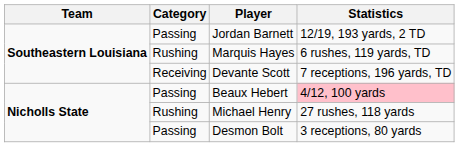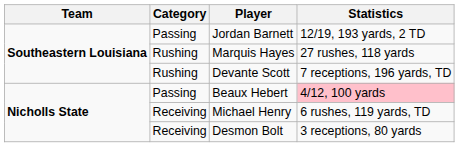 <table class="wikitable" style="float: left;">
 <tr>
 <th>Team</th>
 <th>Category</th>
 <th>Player</th>
 <th>Statistics</th>
 </tr>
 <tr>
 <td rowspan=3><strong>Southeastern Louisiana</strong></td>
 <td>Passing</td>
 <td>Jordan Barnett</td>
 <td>12/19, 193 yards, 2 TD</td>
 </tr>
 <tr>
 <td>Rushing</td>
 <td>Marquis Hayes</td>
-<td>6 rushes, 119 yards, TD</td>
+<td>27 rushes, 118 yards</td>
 </tr>
 <tr>
-<td>Receiving</td>
+<td>Rushing</td>
 <td>Devante Scott</td>
 <td>7 receptions, 196 yards, TD</td>
 </tr>
 <tr>
 <td rowspan=3><strong>Nicholls State</strong></td>
 <td>Passing</td>
 <td>Beaux Hebert</td>
 <td style="background: pink;">4/12, 100 yards</td>
 </tr>
 <tr>
-<td>Rushing</td>
+<td>Receiving</td>
 <td>Michael Henry</td>
-<td>27 rushes, 118 yards</td>
+<td>6 rushes, 119 yards, TD</td>
 </tr>
 <tr>
-<td>Passing</td>
+<td>Receiving</td>
 <td>Desmon Bolt</td>
 <td>3 receptions, 80 yards</td>
 </tr>
 </table>
